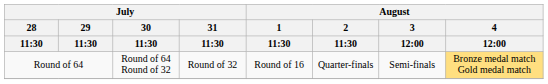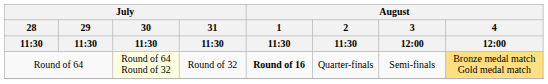 <table class="wikitable" style="text-align:center">
 <tr>
 <th colspan=4>July</th>
 <th colspan=4>August</th>
 </tr>
 <tr>
 <th width=80>28</th>
 <th width=80>29</th>
 <th width=100>30</th>
 <th width=100>31</th>
 <th width=100>1</th>
 <th width=100>2</th>
 <th width=100>3</th>
 <th width=150>4</th>
 </tr>
 <tr>
 <th>11:30</th>
 <th>11:30</th>
 <th>11:30</th>
 <th>11:30</th>
 <th>11:30</th>
 <th>11:30</th>
 <th>12:00</th>
 <th>12:00</th>
 </tr>
 <tr>
 <td colspan="2">Round of 64</td>
-<td>Round of 64<br>Round of 32</td>
+<td style="background: lightyellow;">Round of 64<br>Round of 32</td>
 <td>Round of 32</td>
-<td>Round of 16</td>
+<td><strong>Round of 16</strong></td>
 <td>Quarter-finals</td>
 <td>Semi-finals</td>
 <td style="background:#ffdf80;">Bronze medal match<br>Gold medal match</td>
 </tr>
 <tr>
 </tr>
 </table>
